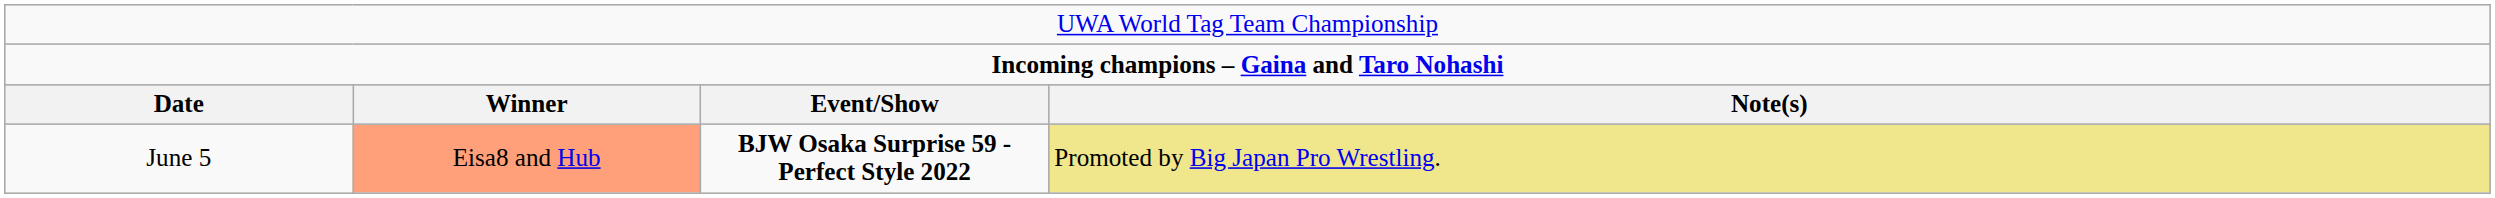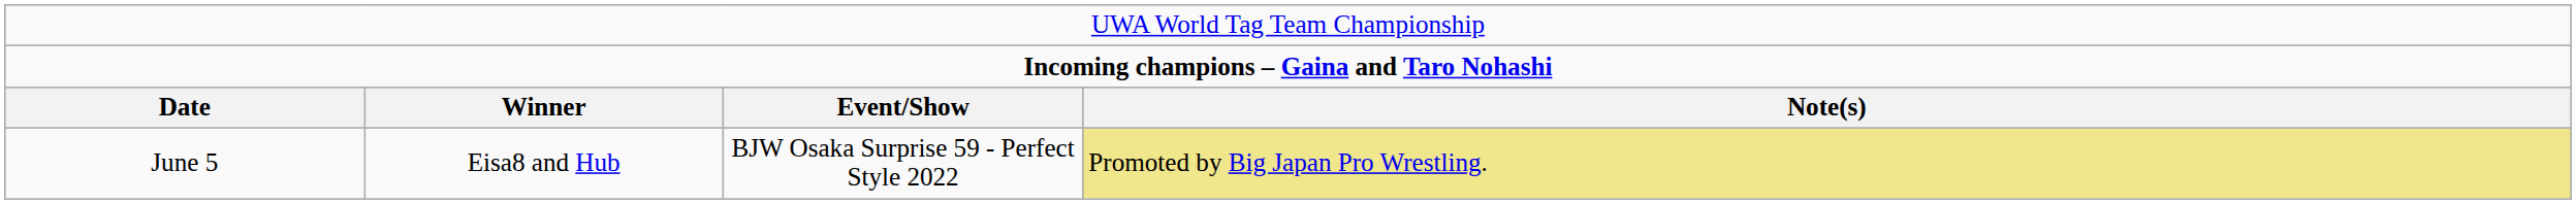 <table class="wikitable" style="text-align:center; width:100%;">
 <tr>
 <td colspan="4" style="text-align: center;"><a href='#'>UWA World Tag Team Championship</a></td>
 </tr>
 <tr>
 <td colspan="4" style="text-align: center;"><strong>Incoming champions – <a href='#'>Gaina</a> and <a href='#'>Taro Nohashi</a></strong></td>
 </tr>
 <tr>
 <th width=14%>Date</th>
 <th width=14%>Winner</th>
 <th width=14%>Event/Show</th>
 <th width=58%>Note(s)</th>
 </tr>
 <tr>
 <td>June 5</td>
-<td style="background: lightsalmon;">Eisa8 and <a href='#'>Hub</a></td>
-<td><strong>BJW Osaka Surprise 59 - Perfect Style 2022</strong></td>
+<td>Eisa8 and <a href='#'>Hub</a></td>
+<td>BJW Osaka Surprise 59 - Perfect Style 2022</td>
 <td align=left style="background: khaki;">Promoted by <a href='#'>Big Japan Pro Wrestling</a>.</td>
 </tr>
 </table>
